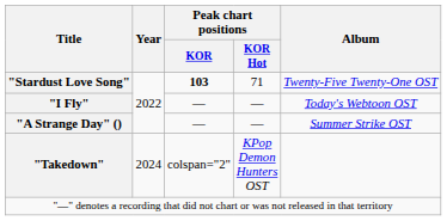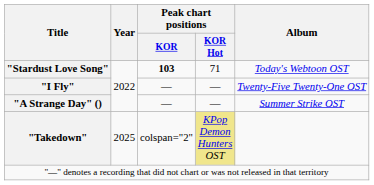 <table class="wikitable plainrowheaders" style="text-align:center">
 <tr>
 <th scope="col" rowspan="2">Title</th>
 <th scope="col" rowspan="2">Year</th>
 <th scope="col" colspan="2">Peak chart positions</th>
 <th scope="col" rowspan="2">Album</th>
 </tr>
 <tr>
 <th scope="col" style="font-size:90%; width:2.5em"><a href='#'>KOR</a><br></th>
 <th scope="col" style="font-size:90%; width:2.5em"><a href='#'>KOR<br>Hot</a><br></th>
 </tr>
 <tr>
 <th scope="row">"Stardust Love Song"</th>
 <td rowspan="3">2022</td>
 <td><strong>103</strong></td>
 <td>71</td>
-<td><em><a href='#'>Twenty-Five Twenty-One OST</a></em></td>
+<td><em><a href='#'>Today's Webtoon OST</a></em></td>
 </tr>
 <tr>
 <th scope="row">"I Fly"</th>
 <td>—</td>
 <td>—</td>
-<td><em><a href='#'>Today's Webtoon OST</a></em></td>
+<td><em><a href='#'>Twenty-Five Twenty-One OST</a></em></td>
 </tr>
 <tr>
 <th scope="row">"A Strange Day" ()</th>
 <td>—</td>
 <td>—</td>
 <td><em><a href='#'>Summer Strike OST</a></em></td>
 </tr>
 <tr>
 <th scope="row">"Takedown" <br></th>
-<td>2024</td>
+<td>2025</td>
 <td>colspan="2" </td>
-<td><em><a href='#'>KPop Demon Hunters</a> OST</em></td>
+<td style="background: khaki;"><em><a href='#'>KPop Demon Hunters</a> OST</em></td>
 </tr>
 <tr>
 <td colspan="5" style="font-size:85%">"—" denotes a recording that did not chart or was not released in that territory</td>
 </tr>
 </table>
